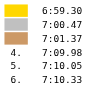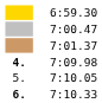 <table style="text-align:center">
 <tr>
 <td width=30 bgcolor=gold></td>
 <td align=left></td>
 <td width=80>6:59.30</td>
 </tr>
 <tr>
 <td bgcolor=silver></td>
 <td align=left></td>
 <td>7:00.47</td>
 </tr>
 <tr>
 <td bgcolor=cc9966></td>
 <td align=left></td>
 <td>7:01.37</td>
 </tr>
 <tr>
-<td>4.</td>
+<td><strong>4.</strong></td>
 <td align=left></td>
 <td>7:09.98</td>
 </tr>
 <tr>
 <td>5.</td>
 <td align=left></td>
 <td>7:10.05</td>
 </tr>
 <tr>
-<td>6.</td>
+<td><strong>6.</strong></td>
 <td align=left></td>
 <td>7:10.33</td>
 </tr>
 </table>
